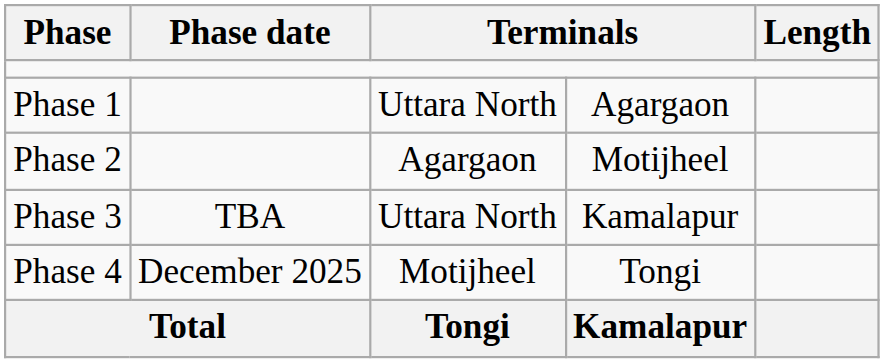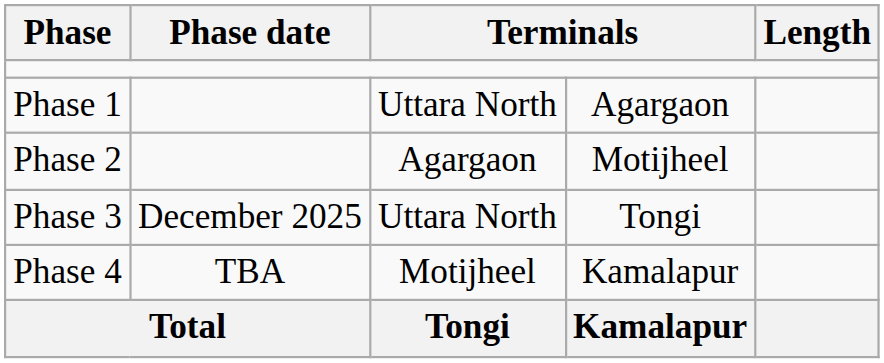 <table class="wikitable" style="text-align: center;">
 <tr>
 <th>Phase</th>
 <th>Phase date</th>
 <th colspan="2">Terminals</th>
 <th>Length</th>
 </tr>
 <tr style="background:#">
 <td colspan="5"></td>
 </tr>
 <tr>
 <td>Phase 1</td>
 <td></td>
 <td>Uttara North</td>
 <td>Agargaon</td>
 <td></td>
 </tr>
 <tr>
 <td>Phase 2</td>
 <td></td>
 <td>Agargaon</td>
 <td>Motijheel</td>
 <td></td>
 </tr>
 <tr>
 <td>Phase 3</td>
-<td>TBA</td>
+<td>December 2025</td>
 <td>Uttara North</td>
-<td>Kamalapur</td>
+<td>Tongi</td>
 <td></td>
 </tr>
 <tr>
 <td>Phase 4</td>
-<td>December 2025</td>
+<td>TBA</td>
 <td>Motijheel</td>
-<td>Tongi</td>
+<td>Kamalapur</td>
 <td></td>
 </tr>
 <tr>
 <th colspan="2">Total</th>
 <th>Tongi</th>
 <th>Kamalapur</th>
 <th></th>
 </tr>
 </table>
